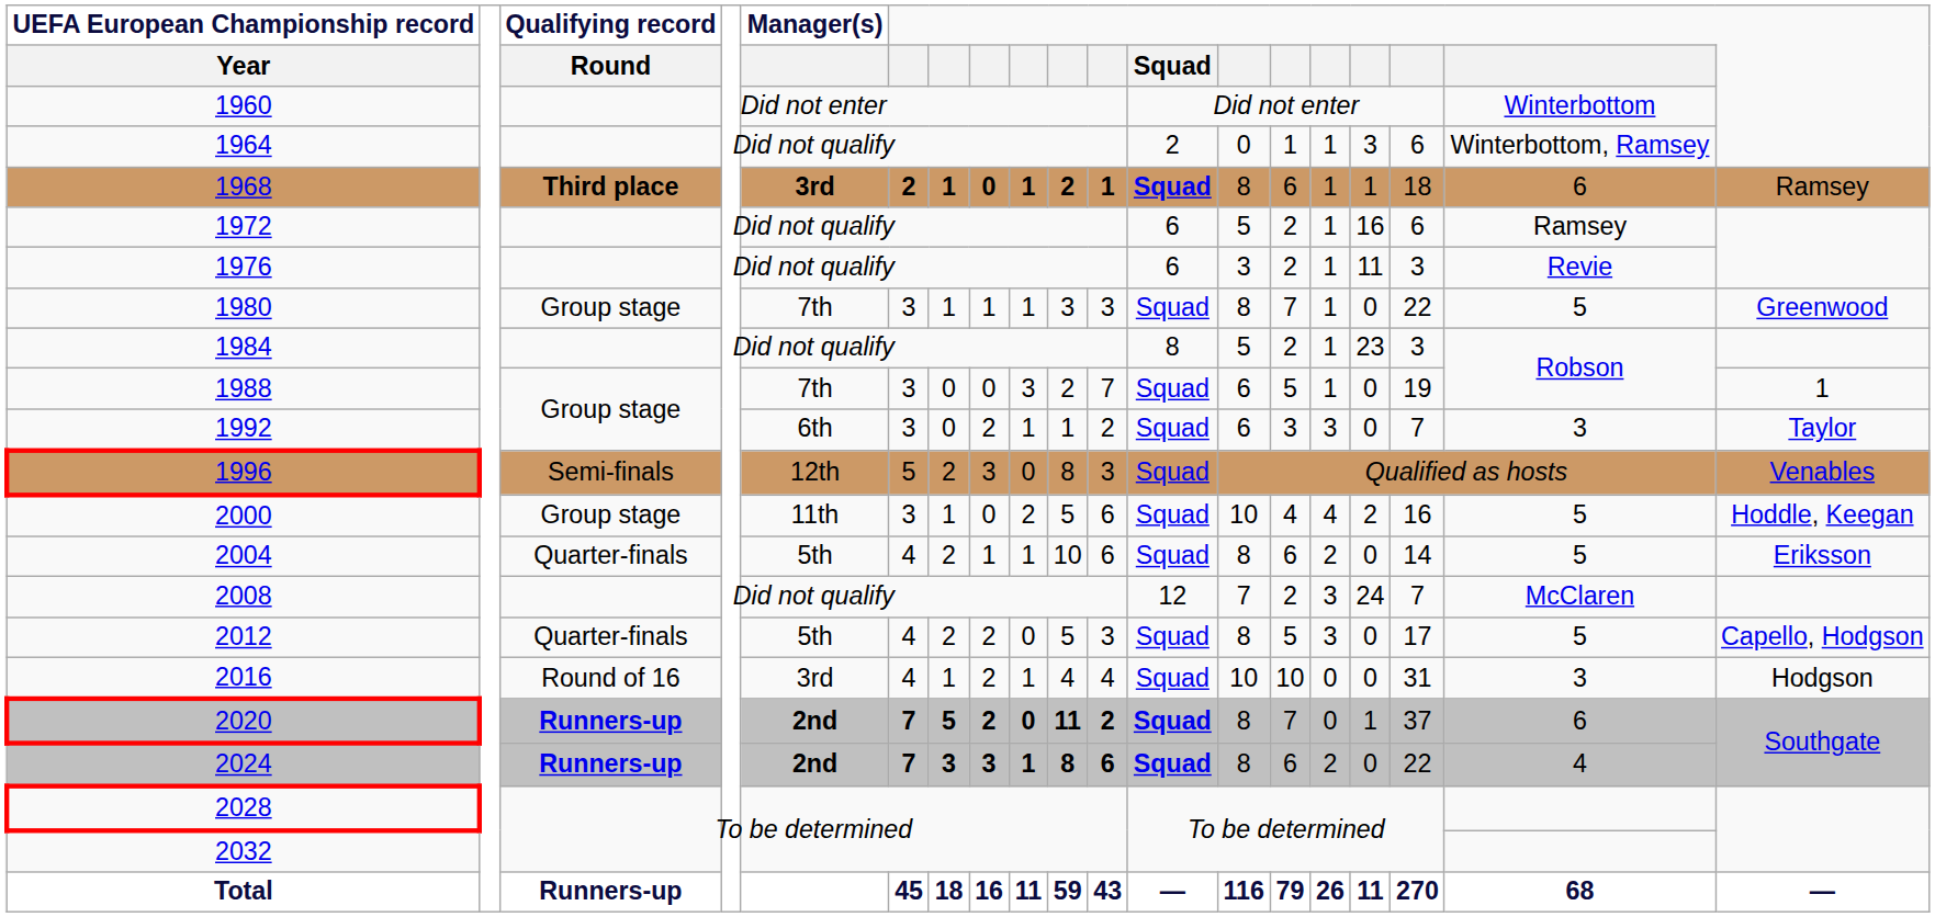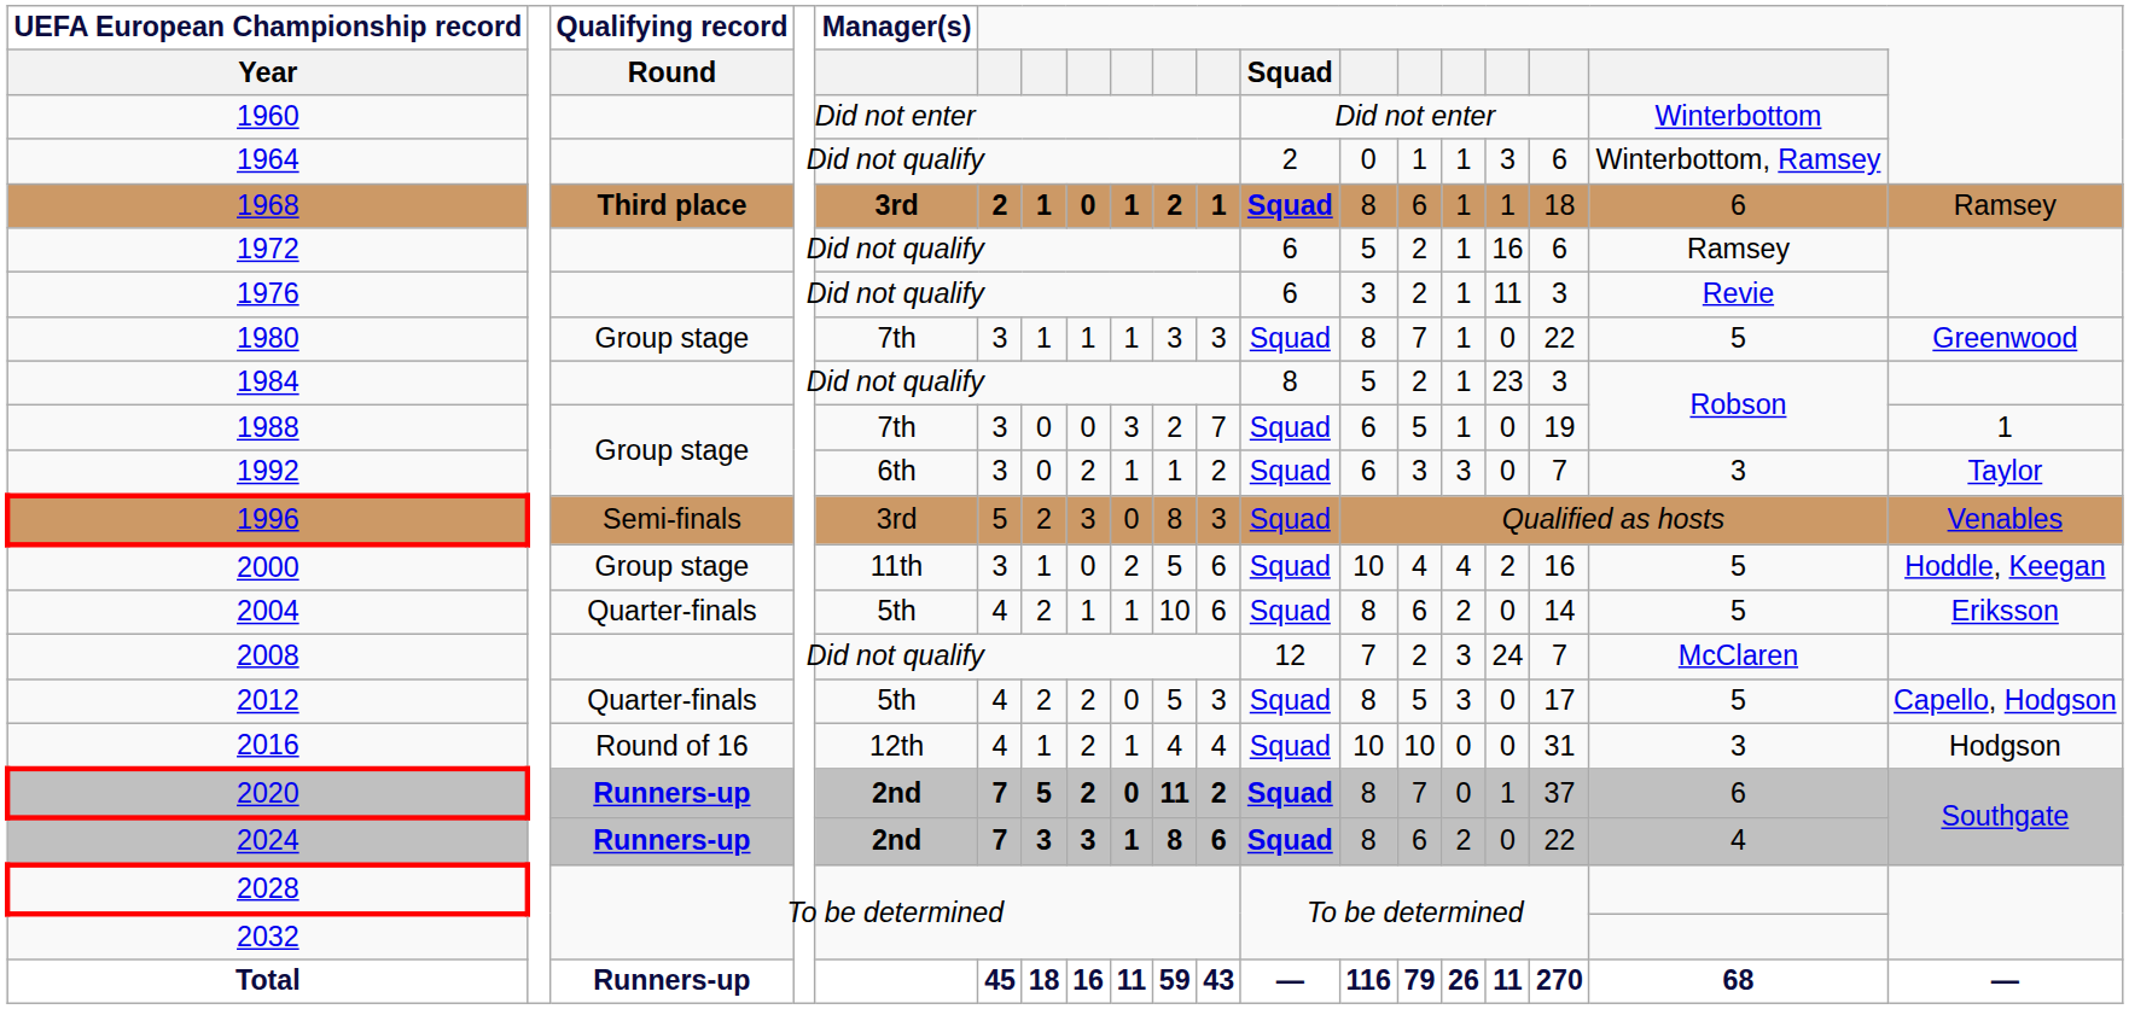 <table class="wikitable" style="text-align:center;">
 <tr>
 <th style="background:white; color:#0B0B3F; ">UEFA European Championship record</th>
 <th style="width:1%;background:white" rowspan=99></th>
 <th style="background:white; color:#0B0B3F; ">Qualifying record</th>
 <th style="width:1%;background:white" rowspan=99></th>
 <th style="background:white; color:#0B0B3F; ">Manager(s)</th>
 </tr>
 <tr>
 <th scope="col">Year</th>
 <th scope="col">Round</th>
 <th scope="col"></th>
 <th scope="col"></th>
 <th scope="col"></th>
 <th scope="col"></th>
 <th scope="col"></th>
 <th scope="col"></th>
 <th scope="col"></th>
 <th scope="col">Squad</th>
 <th scope="col"></th>
 <th scope="col"></th>
 <th scope="col"></th>
 <th scope="col"></th>
 <th scope="col"></th>
 <th scope="col"></th>
 </tr>
 <tr>
 <td scope="row"> <a href='#'>1960</a></td>
 <td colspan=9><em>Did not enter</em></td>
 <td colspan=6><em>Did not enter</em></td>
 <td><a href='#'>Winterbottom</a></td>
 </tr>
 <tr>
 <td scope="row"> <a href='#'>1964</a></td>
 <td colspan=9><em>Did not qualify</em></td>
 <td>2</td>
 <td>0</td>
 <td>1</td>
 <td>1</td>
 <td>3</td>
 <td>6</td>
 <td>Winterbottom, <a href='#'>Ramsey</a></td>
 </tr>
 <tr style="background:#c96">
 <td> <a href='#'>1968</a></td>
 <td><strong>Third place</strong></td>
 <td><strong>3rd</strong></td>
 <td><strong>2</strong></td>
 <td><strong>1</strong></td>
 <td><strong>0</strong></td>
 <td><strong>1</strong></td>
 <td><strong>2</strong></td>
 <td><strong>1</strong></td>
 <td><strong><a href='#'>Squad</a></strong></td>
 <td>8</td>
 <td>6</td>
 <td>1</td>
 <td>1</td>
 <td>18</td>
 <td>6</td>
 <td>Ramsey</td>
 </tr>
 <tr>
 <td scope="row"> <a href='#'>1972</a></td>
 <td Colspan=9><em>Did not qualify</em></td>
 <td>6</td>
 <td>5</td>
 <td>2</td>
 <td>1</td>
 <td>16</td>
 <td>6</td>
 <td>Ramsey</td>
 </tr>
 <tr>
 <td scope="row"> <a href='#'>1976</a></td>
 <td Colspan=9><em>Did not qualify</em></td>
 <td>6</td>
 <td>3</td>
 <td>2</td>
 <td>1</td>
 <td>11</td>
 <td>3</td>
 <td><a href='#'>Revie</a></td>
 </tr>
 <tr>
 <td scope="row"> <a href='#'>1980</a></td>
 <td>Group stage</td>
 <td>7th</td>
 <td>3</td>
 <td>1</td>
 <td>1</td>
 <td>1</td>
 <td>3</td>
 <td>3</td>
 <td><a href='#'>Squad</a></td>
 <td>8</td>
 <td>7</td>
 <td>1</td>
 <td>0</td>
 <td>22</td>
 <td>5</td>
 <td><a href='#'>Greenwood</a></td>
 </tr>
 <tr>
 <td scope="row"> <a href='#'>1984</a></td>
 <td colspan=9><em>Did not qualify</em></td>
 <td>8</td>
 <td>5</td>
 <td>2</td>
 <td>1</td>
 <td>23</td>
 <td>3</td>
 <td rowspan=2><a href='#'>Robson</a></td>
 </tr>
 <tr>
 <td scope="row"> <a href='#'>1988</a></td>
 <td rowspan=2>Group stage</td>
 <td>7th</td>
 <td>3</td>
 <td>0</td>
 <td>0</td>
 <td>3</td>
 <td>2</td>
 <td>7</td>
 <td><a href='#'>Squad</a></td>
 <td>6</td>
 <td>5</td>
 <td>1</td>
 <td>0</td>
 <td>19</td>
 <td>1</td>
 </tr>
 <tr>
 <td scope="row"> <a href='#'>1992</a></td>
 <td>6th</td>
 <td>3</td>
 <td>0</td>
 <td>2</td>
 <td>1</td>
 <td>1</td>
 <td>2</td>
 <td><a href='#'>Squad</a></td>
 <td>6</td>
 <td>3</td>
 <td>3</td>
 <td>0</td>
 <td>7</td>
 <td>3</td>
 <td><a href='#'>Taylor</a></td>
 </tr>
 <tr style="background:#c96">
 <td style="border: 3px solid red" scope="row"> <a href='#'>1996</a></td>
 <td>Semi-finals</td>
-<td>12th</td>
+<td>3rd</td>
 <td>5</td>
 <td>2</td>
 <td>3</td>
 <td>0</td>
 <td>8</td>
 <td>3</td>
 <td><a href='#'>Squad</a></td>
 <td colspan=6><em>Qualified as hosts</em></td>
 <td><a href='#'>Venables</a></td>
 </tr>
 <tr>
 <td scope="row">  <a href='#'>2000</a></td>
 <td>Group stage</td>
 <td>11th</td>
 <td>3</td>
 <td>1</td>
 <td>0</td>
 <td>2</td>
 <td>5</td>
 <td>6</td>
 <td><a href='#'>Squad</a></td>
 <td>10</td>
 <td>4</td>
 <td>4</td>
 <td>2</td>
 <td>16</td>
 <td>5</td>
 <td><a href='#'>Hoddle</a>, <a href='#'>Keegan</a></td>
 </tr>
 <tr>
 <td scope="row"> <a href='#'>2004</a></td>
 <td>Quarter-finals</td>
 <td>5th</td>
 <td>4</td>
 <td>2</td>
 <td>1</td>
 <td>1</td>
 <td>10</td>
 <td>6</td>
 <td><a href='#'>Squad</a></td>
 <td>8</td>
 <td>6</td>
 <td>2</td>
 <td>0</td>
 <td>14</td>
 <td>5</td>
 <td><a href='#'>Eriksson</a></td>
 </tr>
 <tr>
 <td scope="row">  <a href='#'>2008</a></td>
 <td colspan=9><em>Did not qualify</em></td>
 <td>12</td>
 <td>7</td>
 <td>2</td>
 <td>3</td>
 <td>24</td>
 <td>7</td>
 <td><a href='#'>McClaren</a></td>
 </tr>
 <tr>
 <td scope="row">  <a href='#'>2012</a></td>
 <td>Quarter-finals</td>
 <td>5th</td>
 <td>4</td>
 <td>2</td>
 <td>2</td>
 <td>0</td>
 <td>5</td>
 <td>3</td>
 <td><a href='#'>Squad</a></td>
 <td>8</td>
 <td>5</td>
 <td>3</td>
 <td>0</td>
 <td>17</td>
 <td>5</td>
 <td><a href='#'>Capello</a>, <a href='#'>Hodgson</a></td>
 </tr>
 <tr>
 <td scope="row"> <a href='#'>2016</a></td>
 <td>Round of 16</td>
-<td>3rd</td>
+<td>12th</td>
 <td>4</td>
 <td>1</td>
 <td>2</td>
 <td>1</td>
 <td>4</td>
 <td>4</td>
 <td><a href='#'>Squad</a></td>
 <td>10</td>
 <td>10</td>
 <td>0</td>
 <td>0</td>
 <td>31</td>
 <td>3</td>
 <td>Hodgson</td>
 </tr>
 <tr style="background:silver">
 <td style="border: 3px solid red"> <a href='#'>2020</a></td>
 <td><strong><a href='#'>Runners-up</a></strong></td>
 <td><strong>2nd</strong></td>
 <td><strong>7</strong></td>
 <td><strong>5</strong></td>
 <td><strong>2</strong></td>
 <td><strong>0</strong></td>
 <td><strong>11</strong></td>
 <td><strong>2</strong></td>
 <td><strong><a href='#'>Squad</a></strong></td>
 <td>8</td>
 <td>7</td>
 <td>0</td>
 <td>1</td>
 <td>37</td>
 <td>6</td>
 <td rowspan=2><a href='#'>Southgate</a></td>
 </tr>
 <tr style="background:silver">
 <td> <a href='#'>2024</a></td>
 <td><strong><a href='#'>Runners-up</a></strong></td>
 <td><strong>2nd</strong></td>
 <td><strong>7</strong></td>
 <td><strong>3</strong></td>
 <td><strong>3</strong></td>
 <td><strong>1</strong></td>
 <td><strong>8</strong></td>
 <td><strong>6</strong></td>
 <td><strong><a href='#'>Squad</a></strong></td>
 <td>8</td>
 <td>6</td>
 <td>2</td>
 <td>0</td>
 <td>22</td>
 <td>4</td>
 </tr>
 <tr>
 <td style="border: 3px solid red">  <a href='#'>2028</a></td>
 <td colspan=9 rowspan=2><em>To be determined</em></td>
 <td colspan=6 rowspan=2><em>To be determined</em></td>
 <td></td>
 </tr>
 <tr>
 <td>  <a href='#'>2032</a></td>
 <td></td>
 </tr>
 <tr>
 <th style="background:white; color:#0B0B3F; ">Total</th>
 <th style="background:white; color:#0B0B3F; ">Runners-up</th>
 <th style="background:white; color:#0B0B3F; "></th>
 <th style="background:white; color:#0B0B3F; ">45</th>
 <th style="background:white; color:#0B0B3F; ">18</th>
 <th style="background:white; color:#0B0B3F; ">16</th>
 <th style="background:white; color:#0B0B3F; ">11</th>
 <th style="background:white; color:#0B0B3F; ">59</th>
 <th style="background:white; color:#0B0B3F; ">43</th>
 <th style="background:white; color:#0B0B3F; ">—</th>
 <th style="background:white; color:#0B0B3F; ">116</th>
 <th style="background:white; color:#0B0B3F; ">79</th>
 <th style="background:white; color:#0B0B3F; ">26</th>
 <th style="background:white; color:#0B0B3F; ">11</th>
 <th style="background:white; color:#0B0B3F; ">270</th>
 <th style="background:white; color:#0B0B3F; ">68</th>
 <th style="background:white; color:#0B0B3F; ">—</th>
 </tr>
 </table>
